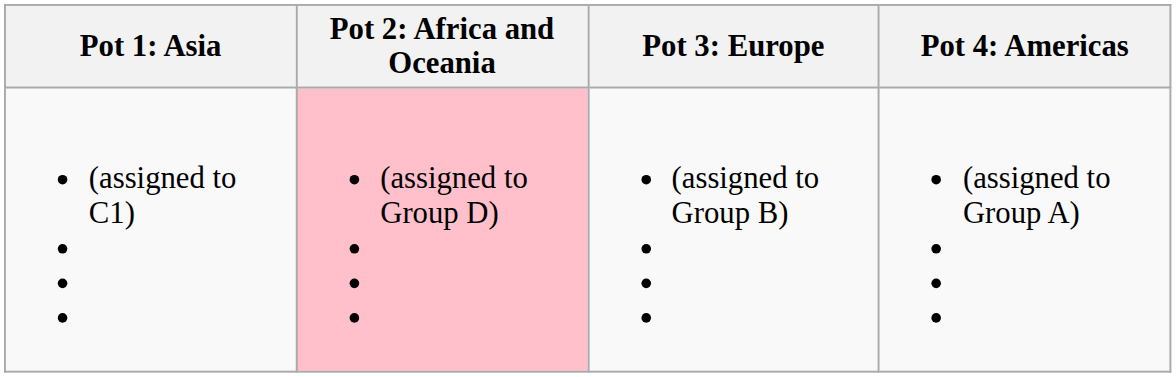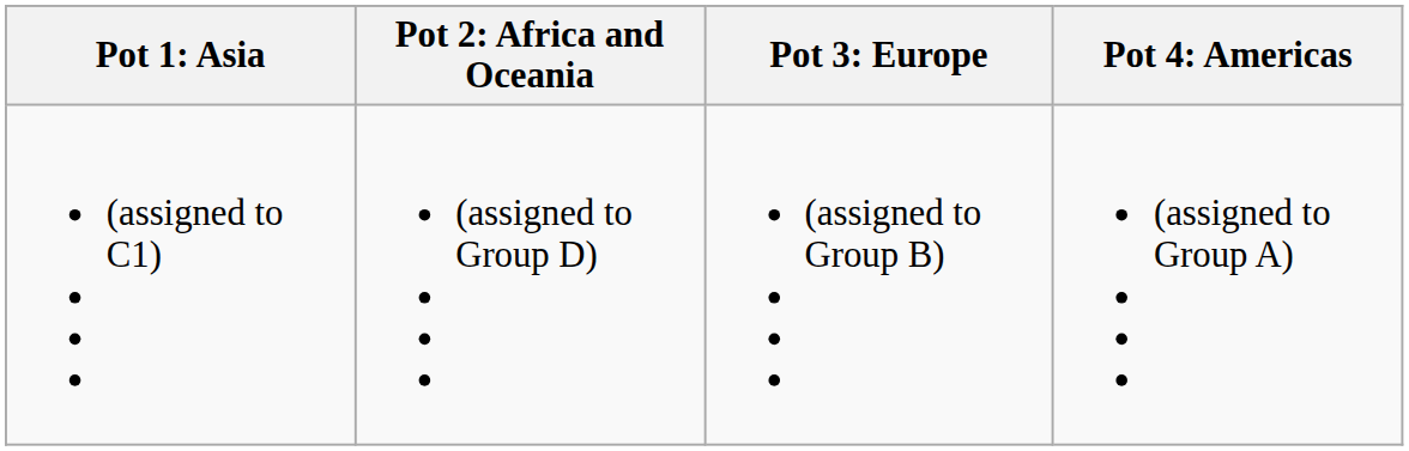 <table class="wikitable">
 <tr>
 <th width=25%>Pot 1: Asia</th>
 <th width=25%>Pot 2: Africa and Oceania</th>
 <th width=25%>Pot 3: Europe</th>
 <th width=25%>Pot 4: Americas</th>
 </tr>
 <tr>
 <td valign="top"><br><ul><li> (assigned to C1)</li><li></li><li></li><li></li></ul></td>
-<td valign="top" style="background: pink;"><br><ul><li> (assigned to Group D)</li><li></li><li></li><li></li></ul></td>
+<td valign="top"><br><ul><li> (assigned to Group D)</li><li></li><li></li><li></li></ul></td>
 <td valign="top"><br><ul><li> (assigned to Group B)</li><li></li><li></li><li></li></ul></td>
 <td valign="top"><br><ul><li> (assigned to Group A)</li><li></li><li></li><li></li></ul></td>
 </tr>
 </table>
